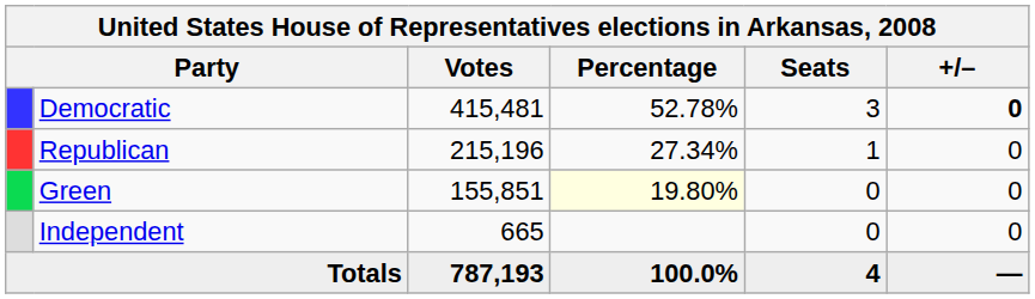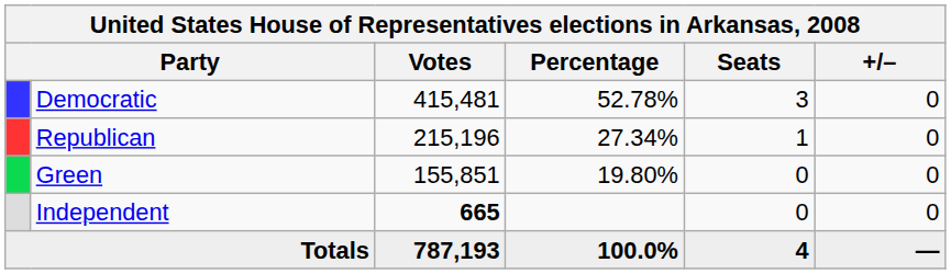 <table class="wikitable" style="font-size: 95%;">
 <tr>
 <th colspan="6">United States House of Representatives elections in Arkansas, 2008</th>
 </tr>
 <tr>
 <th colspan=2 style="width: 15em">Party</th>
 <th style="width: 5em">Votes</th>
 <th style="width: 7em">Percentage</th>
 <th style="width: 5em">Seats</th>
 <th style="width: 5em">+/–</th>
 </tr>
 <tr>
 <th style="background:#33f; width:3px;"></th>
 <td style="width: 130px"><a href='#'>Democratic</a></td>
 <td style="text-align:right;">415,481</td>
 <td style="text-align:right;">52.78%</td>
 <td style="text-align:right;">3</td>
-<td style="text-align:right;"><strong>0</strong></td>
+<td style="text-align:right;">0</td>
 </tr>
 <tr>
 <th style="background:#f33; width:3px;"></th>
 <td style="width: 130px"><a href='#'>Republican</a></td>
 <td style="text-align:right;">215,196</td>
 <td style="text-align:right;">27.34%</td>
 <td style="text-align:right;">1</td>
 <td style="text-align:right;">0</td>
 </tr>
 <tr>
 <th style="background:#0bda51; width:3px;"></th>
 <td style="width: 130px"><a href='#'>Green</a></td>
 <td style="text-align:right;">155,851</td>
-<td style="background: lightyellow; text-align:right;">19.80%</td>
+<td style="text-align:right;">19.80%</td>
 <td style="text-align:right;">0</td>
 <td style="text-align:right;">0</td>
 </tr>
 <tr>
 <th style="background:#ddd; width:3px;"></th>
 <td style="width: 130px"><a href='#'>Independent</a></td>
-<td style="text-align:right;">665</td>
+<td style="text-align:right;"><strong>665</strong></td>
 <td style="text-align:right;"></td>
 <td style="text-align:right;">0</td>
 <td style="text-align:right;">0</td>
 </tr>
 <tr style="background:#eee; text-align:right;">
 <td colspan="2"><strong>Totals</strong></td>
 <td><strong>787,193</strong></td>
 <td><strong>100.0%</strong></td>
 <td><strong>4</strong></td>
 <td><strong>—</strong></td>
 </tr>
 </table>
